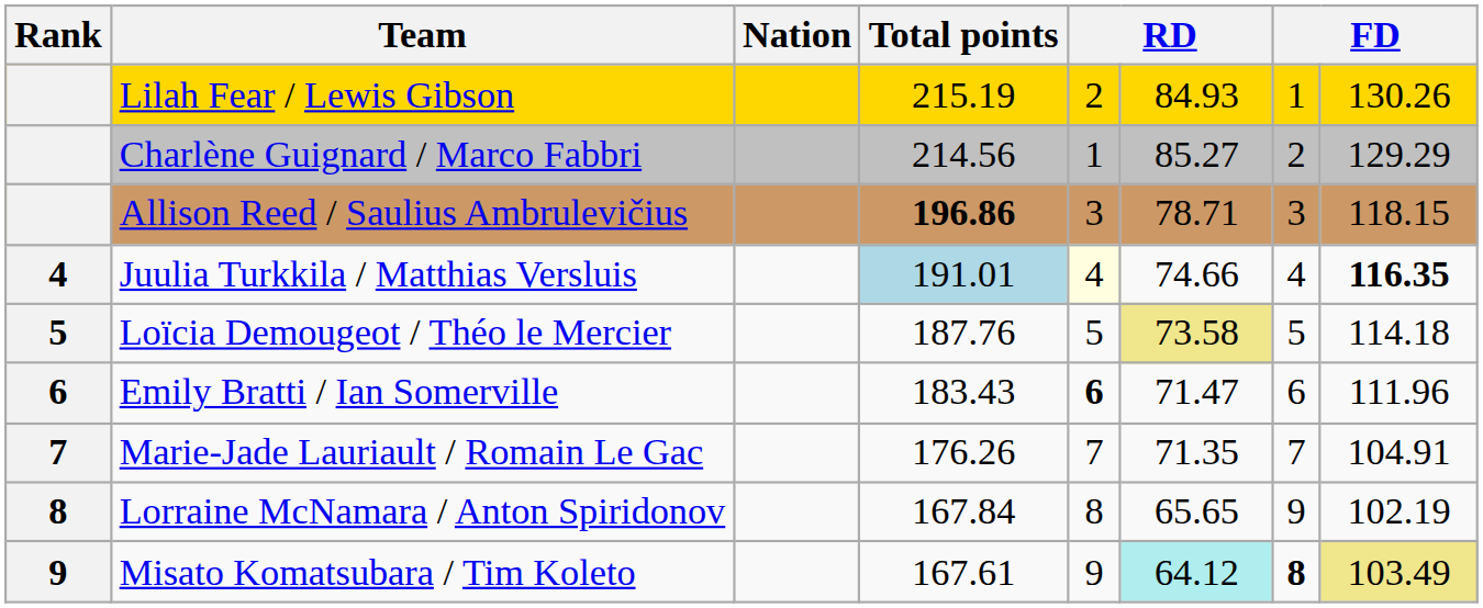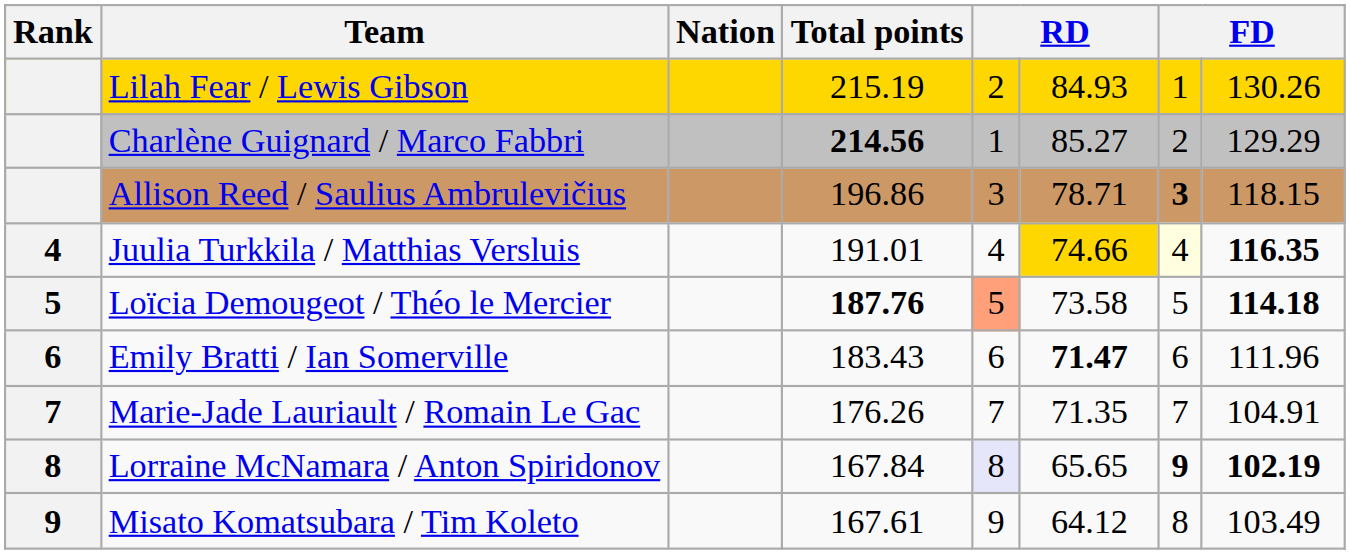 <table class="wikitable sortable" style="text-align:left">
 <tr>
 <th scope="col">Rank</th>
 <th scope="col">Team</th>
 <th scope="col">Nation</th>
 <th scope="col">Total points</th>
 <th scope="col" colspan="2" width="80px"><a href='#'>RD</a></th>
 <th scope="col" colspan="2" width="80px"><a href='#'>FD</a></th>
 </tr>
 <tr bgcolor="gold">
 <th scope="row"></th>
 <td><a href='#'>Lilah Fear</a> / <a href='#'>Lewis Gibson</a></td>
 <td></td>
 <td align="center">215.19</td>
 <td align="center">2</td>
 <td align="center">84.93</td>
 <td align="center">1</td>
 <td align="center">130.26</td>
 </tr>
 <tr bgcolor="silver">
 <th scope="row"></th>
 <td><a href='#'>Charlène Guignard</a> / <a href='#'>Marco Fabbri</a></td>
 <td></td>
-<td align="center">214.56</td>
+<td align="center"><strong>214.56</strong></td>
 <td align="center">1</td>
 <td align="center">85.27</td>
 <td align="center">2</td>
 <td align="center">129.29</td>
 </tr>
 <tr bgcolor="cc9966">
 <th scope="row"></th>
 <td><a href='#'>Allison Reed</a> / <a href='#'>Saulius Ambrulevičius</a></td>
 <td></td>
-<td align="center"><strong>196.86</strong></td>
+<td align="center">196.86</td>
 <td align="center">3</td>
 <td align="center">78.71</td>
-<td align="center">3</td>
+<td align="center"><strong>3</strong></td>
 <td align="center">118.15</td>
 </tr>
 <tr>
 <th scope="row">4</th>
 <td><a href='#'>Juulia Turkkila</a> / <a href='#'>Matthias Versluis</a></td>
 <td></td>
-<td align="center" style="background: lightblue;">191.01</td>
+<td align="center">191.01</td>
+<td align="center">4</td>
+<td align="center" style="background: gold;">74.66</td>
 <td align="center" style="background: lightyellow;">4</td>
-<td align="center">74.66</td>
-<td align="center">4</td>
 <td align="center"><strong>116.35</strong></td>
 </tr>
 <tr>
 <th scope="row">5</th>
 <td><a href='#'>Loïcia Demougeot</a> / <a href='#'>Théo le Mercier</a></td>
 <td></td>
-<td align="center">187.76</td>
+<td align="center"><strong>187.76</strong></td>
+<td align="center" style="background: lightsalmon;">5</td>
+<td align="center">73.58</td>
 <td align="center">5</td>
-<td align="center" style="background: khaki;">73.58</td>
-<td align="center">5</td>
-<td align="center">114.18</td>
+<td align="center"><strong>114.18</strong></td>
 </tr>
 <tr>
 <th scope="row">6</th>
 <td><a href='#'>Emily Bratti</a> / <a href='#'>Ian Somerville</a></td>
 <td></td>
 <td align="center">183.43</td>
-<td align="center"><strong>6</strong></td>
-<td align="center">71.47</td>
+<td align="center">6</td>
+<td align="center"><strong>71.47</strong></td>
 <td align="center">6</td>
 <td align="center">111.96</td>
 </tr>
 <tr>
 <th scope="row">7</th>
 <td><a href='#'>Marie-Jade Lauriault</a> / <a href='#'>Romain Le Gac</a></td>
 <td></td>
 <td align="center">176.26</td>
 <td align="center">7</td>
 <td align="center">71.35</td>
 <td align="center">7</td>
 <td align="center">104.91</td>
 </tr>
 <tr>
 <th scope="row">8</th>
 <td><a href='#'>Lorraine McNamara</a> / <a href='#'>Anton Spiridonov</a></td>
 <td></td>
 <td align="center">167.84</td>
-<td align="center">8</td>
+<td align="center" style="background: lavender;">8</td>
 <td align="center">65.65</td>
-<td align="center">9</td>
-<td align="center">102.19</td>
+<td align="center"><strong>9</strong></td>
+<td align="center"><strong>102.19</strong></td>
 </tr>
 <tr>
 <th scope="row">9</th>
 <td><a href='#'>Misato Komatsubara</a> / <a href='#'>Tim Koleto</a></td>
 <td></td>
 <td align="center">167.61</td>
 <td align="center">9</td>
-<td align="center" style="background: paleturquoise;">64.12</td>
-<td align="center"><strong>8</strong></td>
-<td align="center" style="background: khaki;">103.49</td>
+<td align="center">64.12</td>
+<td align="center">8</td>
+<td align="center">103.49</td>
 </tr>
 </table>
